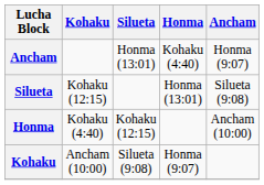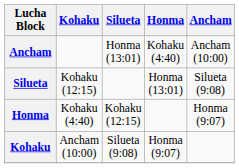 <table class="wikitable" style="text-align:center; margin: 1em auto 1em auto;" width="25%">
 <tr>
 <th>Lucha Block</th>
 <th><a href='#'>Kohaku</a></th>
 <th><a href='#'>Silueta</a></th>
 <th><a href='#'>Honma</a></th>
 <th><a href='#'>Ancham</a></th>
 </tr>
 <tr>
 <th><a href='#'>Ancham</a></th>
 <td></td>
 <td>Honma<br>(13:01)</td>
 <td>Kohaku<br>(4:40)</td>
-<td>Honma<br>(9:07)</td>
+<td>Ancham<br>(10:00)</td>
 </tr>
 <tr>
 <th><a href='#'>Silueta</a></th>
 <td>Kohaku<br>(12:15)</td>
 <td></td>
 <td>Honma<br>(13:01)</td>
 <td>Silueta<br>(9:08)</td>
 </tr>
 <tr>
 <th><a href='#'>Honma</a></th>
 <td>Kohaku<br>(4:40)</td>
 <td>Kohaku<br>(12:15)</td>
 <td></td>
-<td>Ancham<br>(10:00)</td>
+<td>Honma<br>(9:07)</td>
 </tr>
 <tr>
 <th><a href='#'>Kohaku</a></th>
 <td>Ancham<br>(10:00)</td>
 <td>Silueta<br>(9:08)</td>
 <td>Honma<br>(9:07)</td>
 <td></td>
 </tr>
 <tr>
 </tr>
 </table>
